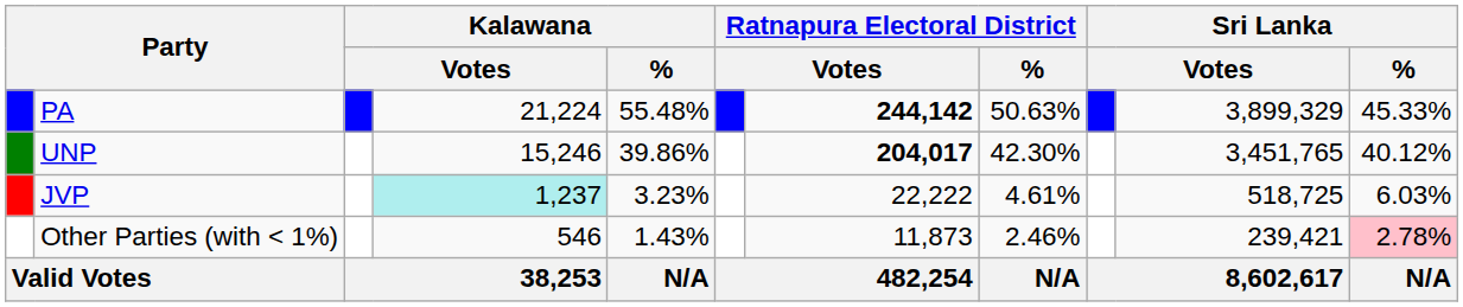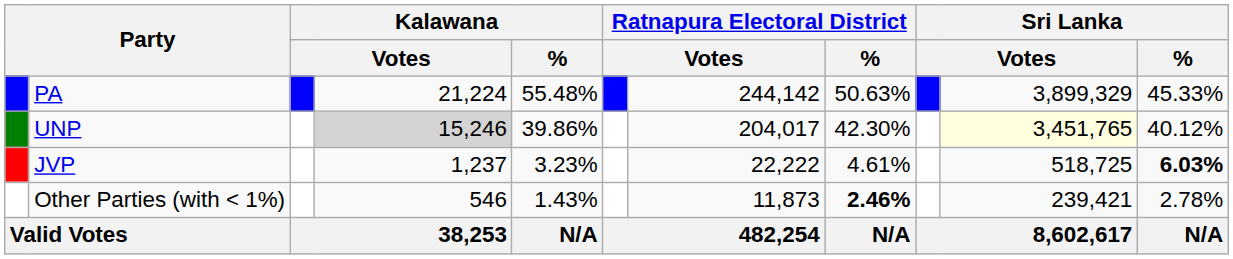 <table class="wikitable">
 <tr>
 <th colspan="2" width="144px"rowspan="2">Party</th>
 <th colspan="3" width="216px">Kalawana</th>
 <th colspan="3" width="216px"><a href='#'>Ratnapura Electoral District</a></th>
 <th colspan="3" width="216px">Sri Lanka</th>
 </tr>
 <tr>
 <th colspan="2" width="144px">Votes</th>
 <th>%</th>
 <th colspan="2" width="144px">Votes</th>
 <th>%</th>
 <th colspan="2" width="144px">Votes</th>
 <th>%</th>
 </tr>
 <tr>
 <td style="background-color:blue;" width="10px"></td>
 <td style="text-align:left;"><a href='#'>PA</a></td>
 <td style="background-color:blue;" width="10px"></td>
 <td style="text-align:right;">21,224</td>
 <td style="text-align:right;">55.48%</td>
 <td style="background-color:blue;" width="10px"></td>
-<td style="text-align:right;"><strong>244,142</strong></td>
+<td style="text-align:right;">244,142</td>
 <td style="text-align:right;">50.63%</td>
 <td style="background-color:blue;" width="10px"></td>
 <td style="text-align:right;">3,899,329</td>
 <td style="text-align:right;">45.33%</td>
 </tr>
 <tr>
 <td style="background-color:green;" width="10px"></td>
 <td style="text-align:left;"><a href='#'>UNP</a></td>
 <td style="background-color:white;" width="10px"></td>
-<td style="text-align:right;">15,246</td>
+<td style="background: lightgrey; text-align:right;">15,246</td>
 <td style="text-align:right;">39.86%</td>
 <td style="background-color:white;" width="10px"></td>
-<td style="text-align:right;"><strong>204,017</strong></td>
+<td style="text-align:right;">204,017</td>
 <td style="text-align:right;">42.30%</td>
 <td style="background-color:white;" width="10px"></td>
-<td style="text-align:right;">3,451,765</td>
+<td style="background: lightyellow; text-align:right;">3,451,765</td>
 <td style="text-align:right;">40.12%</td>
 </tr>
 <tr>
 <td style="background-color:red;" width="10px"></td>
 <td style="text-align:left;"><a href='#'>JVP</a></td>
 <td style="background-color:white;" width="10px"></td>
-<td style="background: paleturquoise; text-align:right;">1,237</td>
+<td style="text-align:right;">1,237</td>
 <td style="text-align:right;">3.23%</td>
 <td style="background-color:white;" width="10px"></td>
 <td style="text-align:right;">22,222</td>
 <td style="text-align:right;">4.61%</td>
 <td style="background-color:white;" width="10px"></td>
 <td style="text-align:right;">518,725</td>
-<td style="text-align:right;">6.03%</td>
+<td style="text-align:right;"><strong>6.03%</strong></td>
 </tr>
 <tr>
 <td style="background-color:white;" width="10px"></td>
 <td style="text-align:left;">Other Parties (with < 1%)</td>
 <td style="background-color:white;" width="10px"></td>
 <td style="text-align:right;">546</td>
 <td style="text-align:right;">1.43%</td>
 <td style="background-color:white;" width="10px"></td>
 <td style="text-align:right;">11,873</td>
-<td style="text-align:right;">2.46%</td>
+<td style="text-align:right;"><strong>2.46%</strong></td>
 <td style="background-color:white;" width="10px"></td>
 <td style="text-align:right;">239,421</td>
-<td style="background: pink; text-align:right;">2.78%</td>
+<td style="text-align:right;">2.78%</td>
 </tr>
 <tr>
 <th colspan="2" width="144px"style="text-align:left;">Valid Votes</th>
 <th style="text-align:right;"colspan="2" width="144px">38,253</th>
 <th style="text-align:right;">N/A</th>
 <th style="text-align:right;"colspan="2" width="144px">482,254</th>
 <th style="text-align:right;">N/A</th>
 <th style="text-align:right;"colspan="2" width="144px">8,602,617</th>
 <th style="text-align:right;">N/A</th>
 </tr>
 </table>
